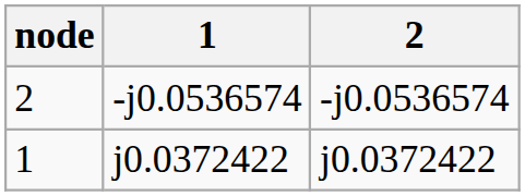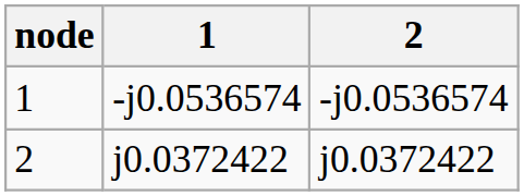 <table class="wikitable">
 <tr>
 <th>node</th>
 <th>1</th>
 <th>2</th>
 </tr>
 <tr>
-<td>2</td>
+<td>1</td>
 <td>-j0.0536574</td>
 <td>-j0.0536574</td>
 </tr>
 <tr>
-<td>1</td>
+<td>2</td>
 <td>j0.0372422</td>
 <td>j0.0372422</td>
 </tr>
 </table>
